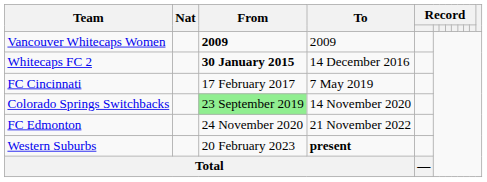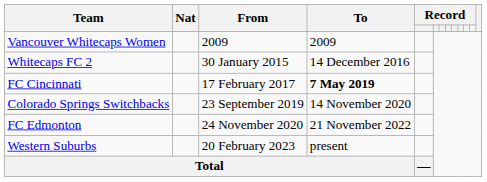 <table class="wikitable" style="text-align: center">
 <tr>
 <th rowspan="2">Team</th>
 <th rowspan="2">Nat</th>
 <th rowspan="2">From</th>
 <th rowspan="2">To</th>
 <th colspan="8">Record</th>
 <th rowspan=2></th>
 </tr>
 <tr>
 <th></th>
 <th></th>
 <th></th>
 <th></th>
 <th></th>
 <th></th>
 <th></th>
 <th></th>
 </tr>
 <tr>
 <td align=left><a href='#'>Vancouver Whitecaps Women</a></td>
 <td></td>
-<td align=left><strong>2009</strong></td>
+<td align=left>2009</td>
 <td align=left>2009<br></td>
 <td></td>
 </tr>
 <tr>
 <td align=left><a href='#'>Whitecaps FC 2</a></td>
 <td></td>
-<td align=left><strong>30 January 2015</strong></td>
+<td align=left>30 January 2015</td>
 <td align=left>14 December 2016<br></td>
 <td></td>
 </tr>
 <tr>
 <td align=left><a href='#'>FC Cincinnati</a></td>
 <td></td>
 <td align=left>17 February 2017</td>
-<td align=left>7 May 2019<br></td>
+<td align=left><strong>7 May 2019<br></strong></td>
 <td></td>
 </tr>
 <tr>
 <td align=left><a href='#'>Colorado Springs Switchbacks</a></td>
 <td></td>
-<td align=left style="background: lightgreen;">23 September 2019</td>
+<td align=left>23 September 2019</td>
 <td align=left>14 November 2020<br></td>
 <td></td>
 </tr>
 <tr>
 <td align=left><a href='#'>FC Edmonton</a></td>
 <td></td>
 <td align=left>24 November 2020</td>
 <td align=left>21 November 2022<br></td>
 <td></td>
 </tr>
 <tr>
 <td align=left><a href='#'>Western Suburbs</a></td>
 <td></td>
 <td align=left>20 February 2023</td>
-<td align=left><strong>present<br></strong></td>
+<td align=left>present<br></td>
 <td></td>
 </tr>
 <tr>
 <th colspan="4">Total<br></th>
 <th>—</th>
 </tr>
 </table>
